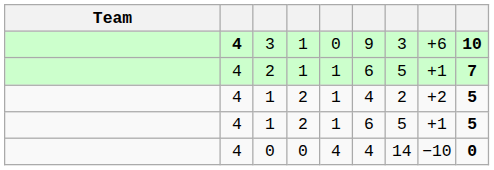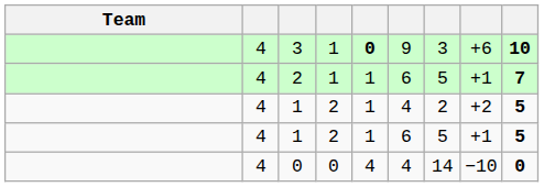 <table class="wikitable" style="text-align:center">
 <tr>
 <th width="165">Team</th>
 <th width="20"></th>
 <th width="20"></th>
 <th width="20"></th>
 <th width="20"></th>
 <th width="20"></th>
 <th width="20"></th>
 <th width="20"></th>
 <th width="20"></th>
 </tr>
 <tr bgcolor=#ccffcc>
 <td align=left></td>
-<td><strong>4</strong></td>
+<td>4</td>
 <td>3</td>
 <td>1</td>
-<td>0</td>
+<td><strong>0</strong></td>
 <td>9</td>
 <td>3</td>
 <td>+6</td>
 <td><strong>10</strong></td>
 </tr>
 <tr bgcolor=#ccffcc>
 <td align=left></td>
 <td>4</td>
 <td>2</td>
 <td>1</td>
 <td>1</td>
 <td>6</td>
 <td>5</td>
 <td>+1</td>
 <td><strong>7</strong></td>
 </tr>
 <tr>
 <td align=left></td>
 <td>4</td>
 <td>1</td>
 <td>2</td>
 <td>1</td>
 <td>4</td>
 <td>2</td>
 <td>+2</td>
 <td><strong>5</strong></td>
 </tr>
 <tr>
 <td align=left></td>
 <td>4</td>
 <td>1</td>
 <td>2</td>
 <td>1</td>
 <td>6</td>
 <td>5</td>
 <td>+1</td>
 <td><strong>5</strong></td>
 </tr>
 <tr>
 <td align=left></td>
 <td>4</td>
 <td>0</td>
 <td>0</td>
 <td>4</td>
 <td>4</td>
 <td>14</td>
 <td>−10</td>
 <td><strong>0</strong></td>
 </tr>
 </table>
